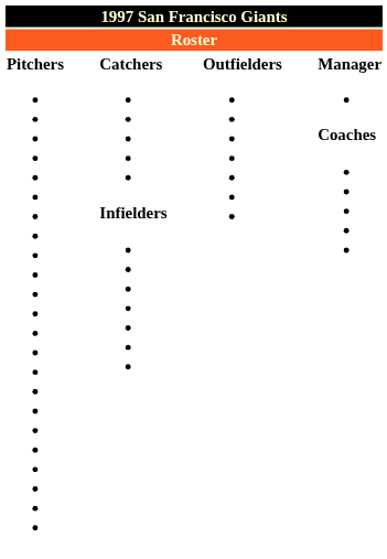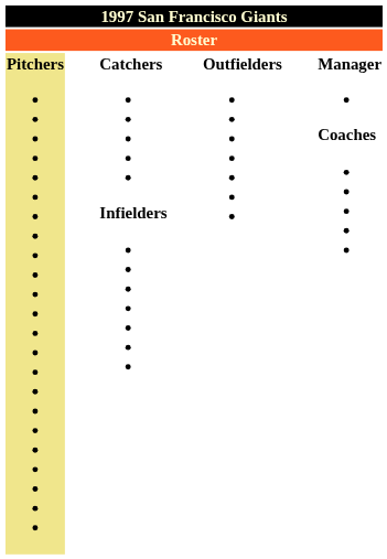 <table class="toccolours" style="font-size: 95%;">
 <tr>
 <th colspan="10" style="background-color: black; color: #FFFDD0; text-align: center;">1997 San Francisco Giants</th>
 </tr>
 <tr>
 <td colspan="10" style="background-color: #fd5a1e; color: #FFFDD0; text-align: center;"><strong>Roster</strong></td>
 </tr>
 <tr>
-<td valign="top"><strong>Pitchers</strong><br><ul><li></li><li></li><li></li><li></li><li></li><li></li><li></li><li></li><li></li><li></li><li></li><li></li><li></li><li></li><li></li><li></li><li></li><li></li><li></li><li></li><li></li><li></li><li></li></ul></td>
+<td valign="top" style="background: khaki;"><strong>Pitchers</strong><br><ul><li></li><li></li><li></li><li></li><li></li><li></li><li></li><li></li><li></li><li></li><li></li><li></li><li></li><li></li><li></li><li></li><li></li><li></li><li></li><li></li><li></li><li></li><li></li></ul></td>
 <td width="25px"></td>
 <td valign="top"><strong>Catchers</strong><br><ul><li></li><li></li><li></li><li></li><li></li></ul><strong>Infielders</strong><ul><li></li><li></li><li></li><li></li><li></li><li></li><li></li></ul></td>
 <td width="25px"></td>
 <td valign="top"><strong>Outfielders</strong><br><ul><li></li><li></li><li></li><li></li><li></li><li></li><li></li></ul></td>
 <td width="25px"></td>
 <td valign="top"><strong>Manager</strong><br><ul><li></li></ul><strong>Coaches</strong><ul><li></li><li></li><li></li><li></li><li></li></ul></td>
 </tr>
 <tr>
 </tr>
 </table>
